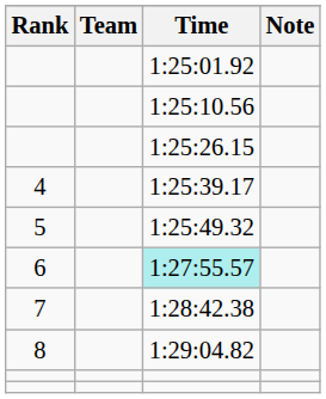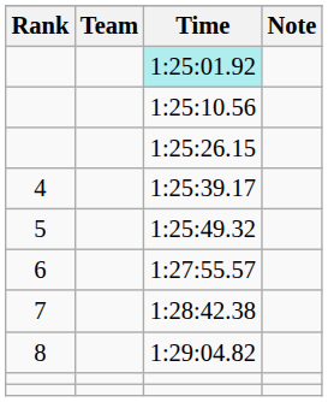 <table class="wikitable sortable" style=" text-align:center; font-size:95%;">
 <tr>
 </tr>
 <tr>
 <th>Rank</th>
 <th>Team</th>
 <th>Time</th>
 <th>Note</th>
 </tr>
 <tr>
 <td></td>
 <td align=left></td>
-<td>1:25:01.92</td>
+<td style="background: paleturquoise;">1:25:01.92</td>
 <td></td>
 </tr>
 <tr>
 <td></td>
 <td align=left></td>
 <td>1:25:10.56</td>
 <td></td>
 </tr>
 <tr>
 <td></td>
 <td align=left></td>
 <td>1:25:26.15</td>
 <td></td>
 </tr>
 <tr>
 <td>4</td>
 <td align=left></td>
 <td>1:25:39.17</td>
 <td></td>
 </tr>
 <tr>
 <td>5</td>
 <td align=left></td>
 <td>1:25:49.32</td>
 <td></td>
 </tr>
 <tr>
 <td>6</td>
 <td align=left></td>
-<td style="background: paleturquoise;">1:27:55.57</td>
+<td>1:27:55.57</td>
 <td></td>
 </tr>
 <tr>
 <td>7</td>
 <td align=left></td>
 <td>1:28:42.38</td>
 <td></td>
 </tr>
 <tr>
 <td>8</td>
 <td align=left></td>
 <td>1:29:04.82</td>
 <td></td>
 </tr>
 <tr>
 <td></td>
 <td align=left></td>
 <td></td>
 <td></td>
 </tr>
 <tr>
 <td></td>
 <td align=left></td>
 <td></td>
 <td></td>
 </tr>
 </table>
